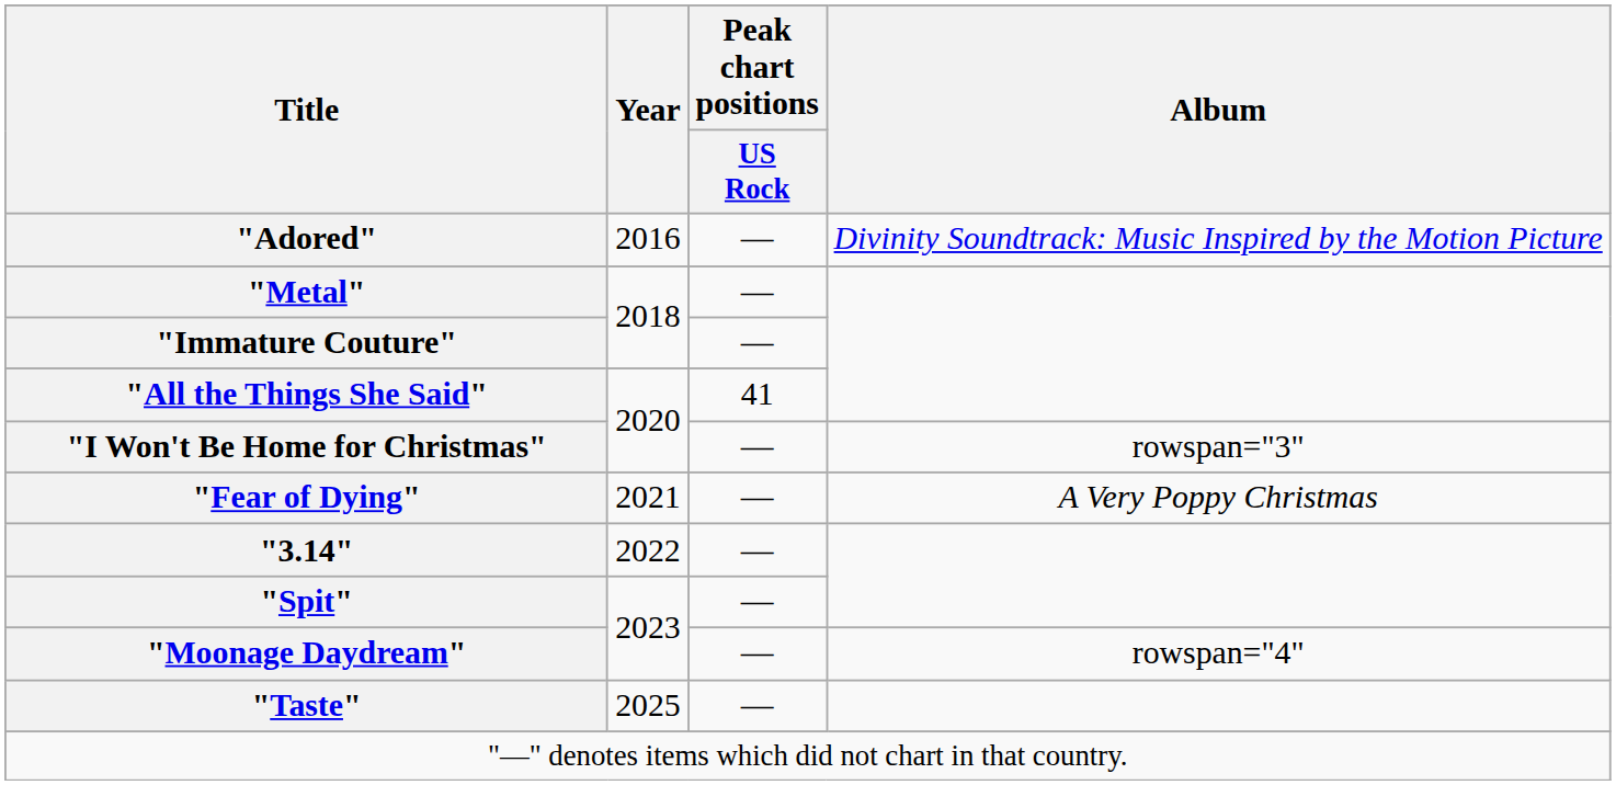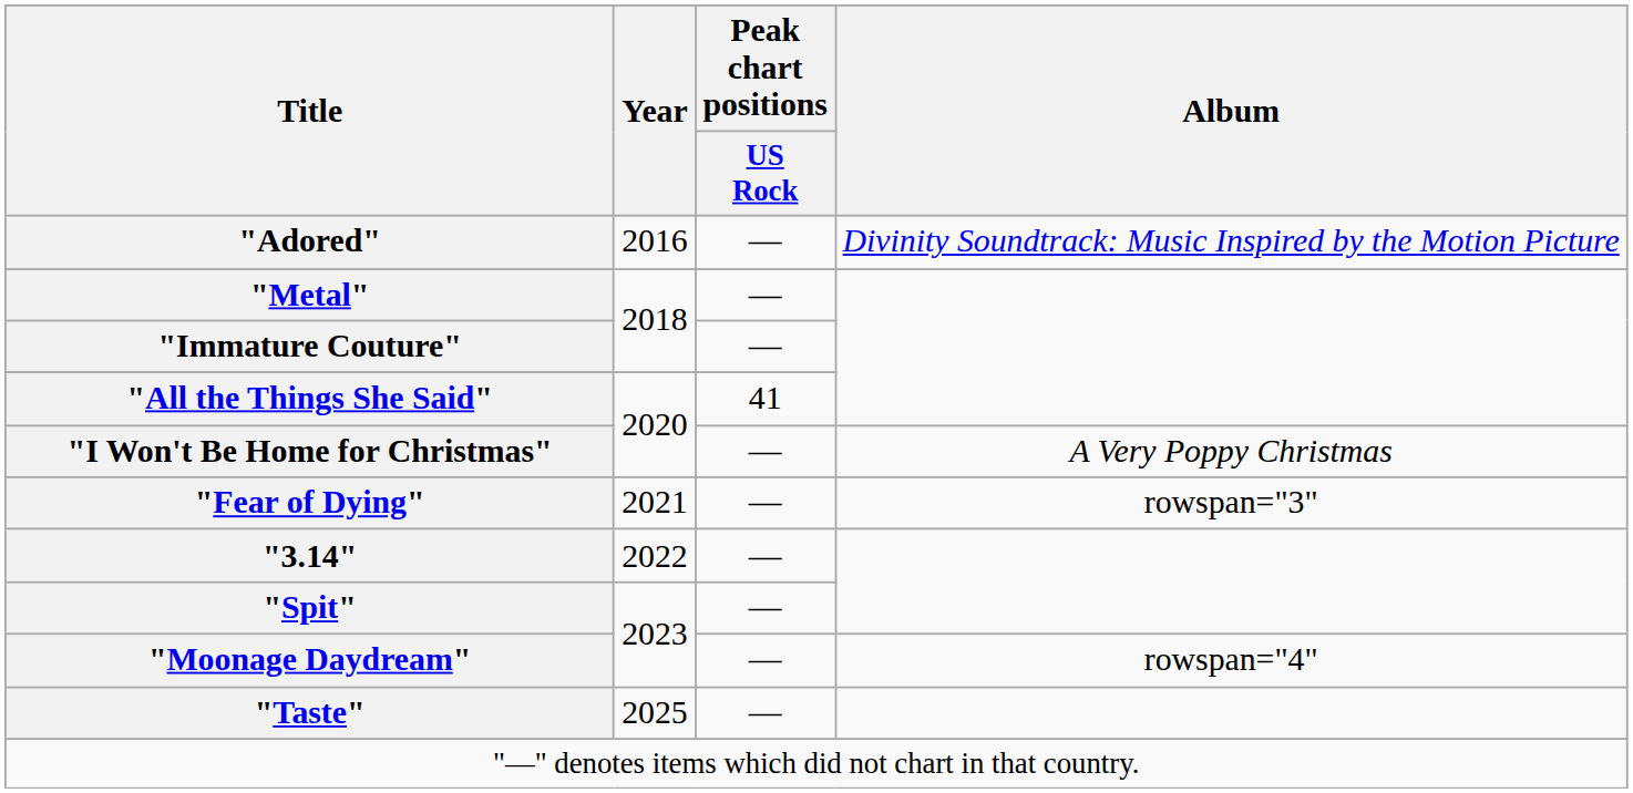 <table class="wikitable plainrowheaders" style="text-align:center;">
 <tr>
 <th scope="col" rowspan="2" style="width:18em;">Title</th>
 <th scope="col" rowspan="2">Year</th>
 <th scope="col" colspan="1">Peak chart positions</th>
 <th scope="col" rowspan="2">Album</th>
 </tr>
 <tr>
 <th scope="col" style="width:3em;font-size:90%;"><a href='#'>US<br>Rock</a><br></th>
 </tr>
 <tr>
 <th scope="row">"Adored"</th>
 <td>2016</td>
 <td>—</td>
 <td><em><a href='#'>Divinity Soundtrack: Music Inspired by the Motion Picture</a></em></td>
 </tr>
 <tr>
 <th scope="row">"<a href='#'>Metal</a>"</th>
 <td rowspan="2">2018</td>
 <td>—</td>
 </tr>
 <tr>
 <th scope="row">"Immature Couture"</th>
 <td>—</td>
 </tr>
 <tr>
 <th scope="row">"<a href='#'>All the Things She Said</a>"</th>
 <td rowspan="2">2020</td>
 <td>41</td>
 </tr>
 <tr>
 <th scope="row">"I Won't Be Home for Christmas"</th>
 <td>—</td>
-<td>rowspan="3" </td>
+<td><em>A Very Poppy Christmas</em></td>
 </tr>
 <tr>
 <th scope="row">"<a href='#'>Fear of Dying</a>"</th>
 <td>2021</td>
 <td>—</td>
-<td><em>A Very Poppy Christmas</em></td>
+<td>rowspan="3" </td>
 </tr>
 <tr>
 <th scope="row">"3.14"</th>
 <td>2022</td>
 <td>—</td>
 </tr>
 <tr>
 <th scope="row">"<a href='#'>Spit</a>"</th>
 <td rowspan="2">2023</td>
 <td>—</td>
 </tr>
 <tr>
 <th scope="row">"<a href='#'>Moonage Daydream</a>"</th>
 <td>—</td>
 <td>rowspan="4" </td>
 </tr>
 <tr>
 <th scope="row">"<a href='#'>Taste</a>"</th>
 <td>2025</td>
 <td>—</td>
 <td></td>
 </tr>
 <tr>
 <td colspan="4" style="font-size:90%">"—" denotes items which did not chart in that country.</td>
 </tr>
 </table>
